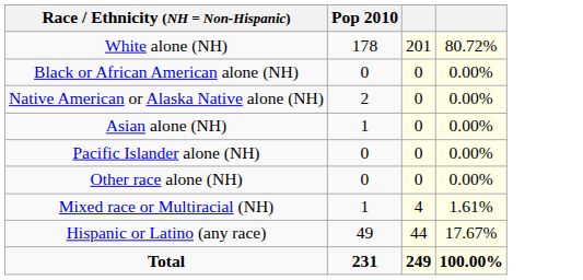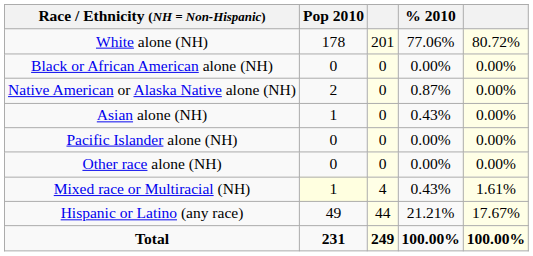 <table class="wikitable" style="text-align:center;">
 <tr>
 <th>Race / Ethnicity <small>(<em>NH = Non-Hispanic</em>)</small></th>
 <th>Pop 2010</th>
 <th></th>
+<th>% 2010</th>
 <th></th>
 </tr>
 <tr>
 <td><a href='#'>White</a> alone (NH)</td>
 <td>178</td>
 <td style='background: #ffffe6;'>201</td>
+<td>77.06%</td>
 <td style='background: #ffffe6;'>80.72%</td>
 </tr>
 <tr>
 <td><a href='#'>Black or African American</a> alone (NH)</td>
 <td>0</td>
 <td style='background: #ffffe6;'>0</td>
+<td>0.00%</td>
 <td style='background: #ffffe6;'>0.00%</td>
 </tr>
 <tr>
 <td><a href='#'>Native American</a> or <a href='#'>Alaska Native</a> alone (NH)</td>
 <td>2</td>
 <td style='background: #ffffe6;'>0</td>
+<td>0.87%</td>
 <td style='background: #ffffe6;'>0.00%</td>
 </tr>
 <tr>
 <td><a href='#'>Asian</a> alone (NH)</td>
 <td>1</td>
 <td style='background: #ffffe6;'>0</td>
+<td>0.43%</td>
 <td style='background: #ffffe6;'>0.00%</td>
 </tr>
 <tr>
 <td><a href='#'>Pacific Islander</a> alone (NH)</td>
 <td>0</td>
 <td style='background: #ffffe6;'>0</td>
+<td>0.00%</td>
 <td style='background: #ffffe6;'>0.00%</td>
 </tr>
 <tr>
 <td><a href='#'>Other race</a> alone (NH)</td>
 <td>0</td>
 <td style='background: #ffffe6;'>0</td>
+<td>0.00%</td>
 <td style='background: #ffffe6;'>0.00%</td>
 </tr>
 <tr>
 <td><a href='#'>Mixed race or Multiracial</a> (NH)</td>
-<td>1</td>
+<td style="background: lightyellow;">1</td>
 <td style='background: #ffffe6;'>4</td>
+<td>0.43%</td>
 <td style='background: #ffffe6;'>1.61%</td>
 </tr>
 <tr>
 <td><a href='#'>Hispanic or Latino</a> (any race)</td>
 <td>49</td>
 <td style='background: #ffffe6;'>44</td>
+<td>21.21%</td>
 <td style='background: #ffffe6;'>17.67%</td>
 </tr>
 <tr>
 <td><strong>Total</strong></td>
 <td><strong>231</strong></td>
 <td style='background: #ffffe6;'><strong>249</strong></td>
+<td><strong>100.00%</strong></td>
 <td style='background: #ffffe6;'><strong>100.00%</strong></td>
 </tr>
 </table>
